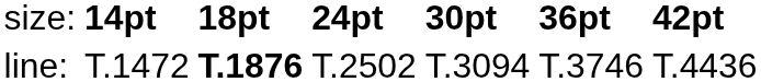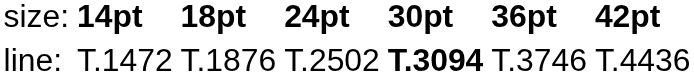 <table style="margin-left:40px;">
 <tr>
 <td>size:</td>
 <td><strong>14pt</strong></td>
 <td><strong>18pt</strong></td>
 <td><strong>24pt</strong></td>
 <td><strong>30pt</strong></td>
 <td><strong>36pt</strong></td>
 <td><strong>42pt</strong></td>
 </tr>
 <tr>
 <td>line:</td>
 <td>T.1472</td>
-<td><strong>T.1876</strong></td>
+<td>T.1876</td>
 <td>T.2502</td>
-<td>T.3094</td>
+<td><strong>T.3094</strong></td>
 <td>T.3746</td>
 <td>T.4436</td>
 </tr>
 </table>
